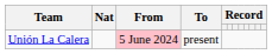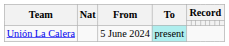 <table class="wikitable" style="text-align: center">
 <tr>
 <th rowspan=2>Team</th>
 <th rowspan=2>Nat</th>
 <th rowspan=2>From</th>
 <th rowspan=2>To</th>
 <th colspan=8>Record</th>
 </tr>
 <tr>
 <th></th>
 <th></th>
 <th></th>
 <th></th>
 <th></th>
 <th></th>
 <th></th>
 <th></th>
 </tr>
 <tr>
 <td align="left"><a href='#'>Unión La Calera</a></td>
 <td></td>
-<td align="left" style="background: pink;">5 June 2024</td>
-<td align="left">present<br></td>
+<td align="left">5 June 2024</td>
+<td align="left" style="background: paleturquoise;">present<br></td>
 </tr>
 </table>
